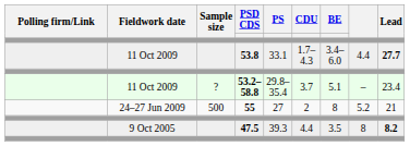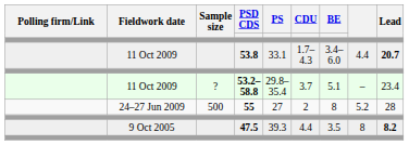 <table class="wikitable collapsible sortable" style="text-align:center; font-size:95%; line-height:16px;">
 <tr style="height:42px;">
 <th style="width:145px;" rowspan="2">Polling firm/Link</th>
 <th style="width:125px;" rowspan="2">Fieldwork date</th>
 <th class="unsortable" style="width:50px;" rowspan="2">Sample size</th>
 <th class="unsortable" style="width:35px;"><a href='#'>PSD</a><br><a href='#'>CDS</a></th>
 <th class="unsortable" style="width:35px;"><a href='#'>PS</a></th>
 <th class="unsortable" style="width:35px;"><a href='#'>CDU</a></th>
 <th class="unsortable" style="width:35px;"><a href='#'>BE</a></th>
 <th class="unsortable" style="width:35px;" rowspan="2"></th>
 <th class="unsortable" style="width:30px;" rowspan="2">Lead</th>
 </tr>
 <tr>
 <th class="unsortable" style="color:inherit;background:"></th>
 <th class="unsortable" style="color:inherit;background:"></th>
 <th class="unsortable" style="color:inherit;background:"></th>
 <th class="unsortable" style="color:inherit;background:"></th>
 </tr>
 <tr>
 <td colspan="13" style="background:#A0A0A0"></td>
 </tr>
 <tr style="background:#EFEFEF;">
 <td><strong></strong></td>
 <td data-sort-value="2019-10-06">11 Oct 2009</td>
 <td></td>
 <td><strong>53.8</strong><br></td>
 <td>33.1<br></td>
 <td>1.7–<br>4.3</td>
 <td>3.4–<br>6.0</td>
 <td>4.4</td>
-<td style="background:"><strong>27.7</strong></td>
+<td style="background:"><strong>20.7</strong></td>
 </tr>
 <tr>
 <td colspan="13" style="background:#A0A0A0"></td>
 </tr>
 <tr>
 </tr>
 <tr style="background:#EAFFEA"|>
 <td></td>
 <td data-sort-value="2019-10-06">11 Oct 2009</td>
 <td>?</td>
 <td><strong>53.2–<br>58.8</strong></td>
 <td>29.8–<br>35.4</td>
 <td>3.7<br></td>
 <td>5.1<br></td>
 <td>–</td>
 <td style="background:">23.4</td>
 </tr>
 <tr>
 <td align="center"></td>
 <td align="center">24–27 Jun 2009</td>
 <td>500</td>
 <td align="center" ><strong>55</strong></td>
 <td align="center">27</td>
 <td align="center">2</td>
 <td align="center">8</td>
 <td>5.2</td>
-<td style="background:">21</td>
+<td style="background:">28</td>
 </tr>
 <tr>
 <td colspan="13" style="background:#A0A0A0"></td>
 </tr>
 <tr style="background:#EFEFEF;">
 <td><strong></strong></td>
 <td data-sort-value="2019-10-06">9 Oct 2005</td>
 <td></td>
 <td><strong>47.5</strong><br></td>
 <td>39.3<br></td>
 <td>4.4<br></td>
 <td>3.5<br></td>
 <td align="center">8</td>
 <td style="background:"><strong>8.2</strong></td>
 </tr>
 <tr>
 <td colspan="13" style="background:#A0A0A0"></td>
 </tr>
 </table>
